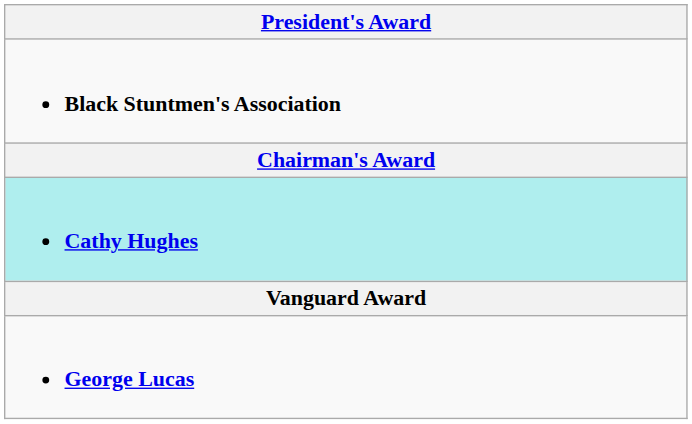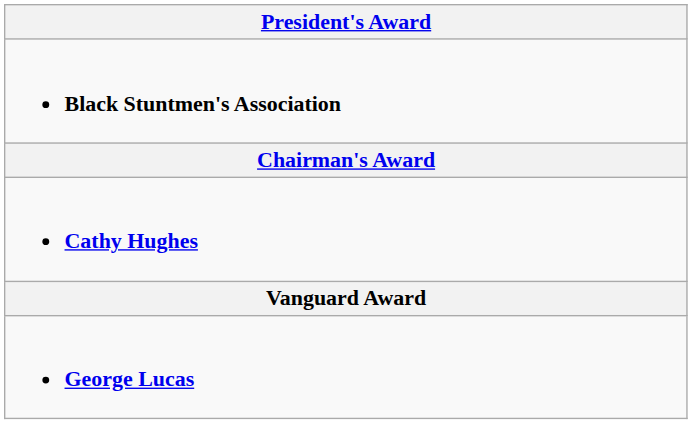 <table class="wikitable">
 <tr>
 <th style="width=50%"><a href='#'>President's Award</a></th>
 </tr>
 <tr>
 <td width="50%" style="vertical-align:top"><br><ul><li><strong>Black Stuntmen's Association</strong></li></ul></td>
 </tr>
 <tr>
 <th style="width=50%"><a href='#'>Chairman's Award</a></th>
 </tr>
 <tr>
-<td width="50%" style="background: paleturquoise; vertical-align:top"><br><ul><li><strong><a href='#'>Cathy Hughes</a></strong></li></ul></td>
+<td width="50%" style="vertical-align:top"><br><ul><li><strong><a href='#'>Cathy Hughes</a></strong></li></ul></td>
 </tr>
 <tr>
 <th style="width=50%">Vanguard Award</th>
 </tr>
 <tr>
 <td width="50%" style="vertical-align:top"><br><ul><li><strong><a href='#'>George Lucas</a></strong></li></ul></td>
 </tr>
 </table>
